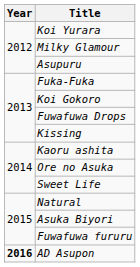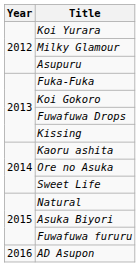 <table class="wikitable">
 <tr>
 <th>Year</th>
 <th>Title</th>
 </tr>
 <tr>
 <td rowspan="3">2012</td>
 <td><em>Koi Yurara</em></td>
 </tr>
 <tr>
 <td><em>Milky Glamour</em></td>
 </tr>
 <tr>
 <td><em>Asupuru</em></td>
 </tr>
 <tr>
 <td rowspan="4">2013</td>
 <td><em>Fuka-Fuka</em></td>
 </tr>
 <tr>
 <td><em>Koi Gokoro</em></td>
 </tr>
 <tr>
 <td><em>Fuwafuwa Drops</em></td>
 </tr>
 <tr>
 <td><em>Kissing</em></td>
 </tr>
 <tr>
 <td rowspan="3">2014</td>
 <td><em>Kaoru ashita</em></td>
 </tr>
 <tr>
 <td><em>Ore no Asuka</em></td>
 </tr>
 <tr>
 <td><em>Sweet Life</em></td>
 </tr>
 <tr>
 <td rowspan="3">2015</td>
 <td><em>Natural</em></td>
 </tr>
 <tr>
 <td><em>Asuka Biyori</em></td>
 </tr>
 <tr>
 <td><em>Fuwafuwa fururu</em></td>
 </tr>
 <tr>
-<td><strong>2016</strong></td>
+<td>2016</td>
 <td><em>AD Asupon</em></td>
 </tr>
 </table>
